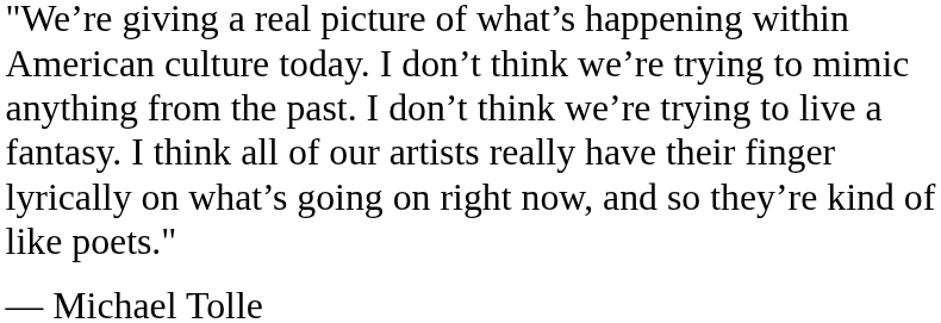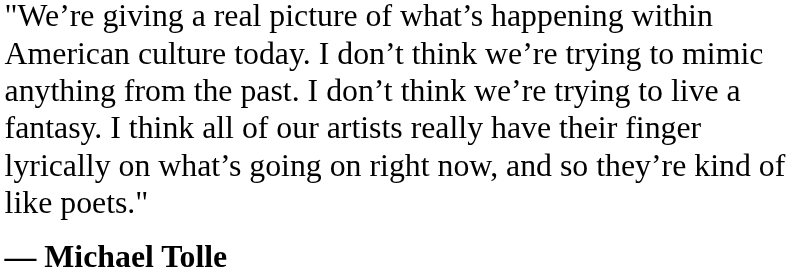 <table class="toccolours" style="float: right; margin-left: 0em; margin-right: 2em; font-size: 85%; background:offwhite; color:black; width:26em; max-width: 40%;" cellspacing="5">
 <tr>
 <td style="text-align: left;">"We’re giving a real picture of what’s happening within American culture today. I don’t think we’re trying to mimic anything from the past. I don’t think we’re trying to live a fantasy. I think all of our artists really have their finger lyrically on what’s going on right now, and so they’re kind of like poets."</td>
 </tr>
 <tr>
-<td style="text-align: left;">— Michael Tolle</td>
+<td style="text-align: left;"><strong>— Michael Tolle</strong></td>
 </tr>
 </table>
